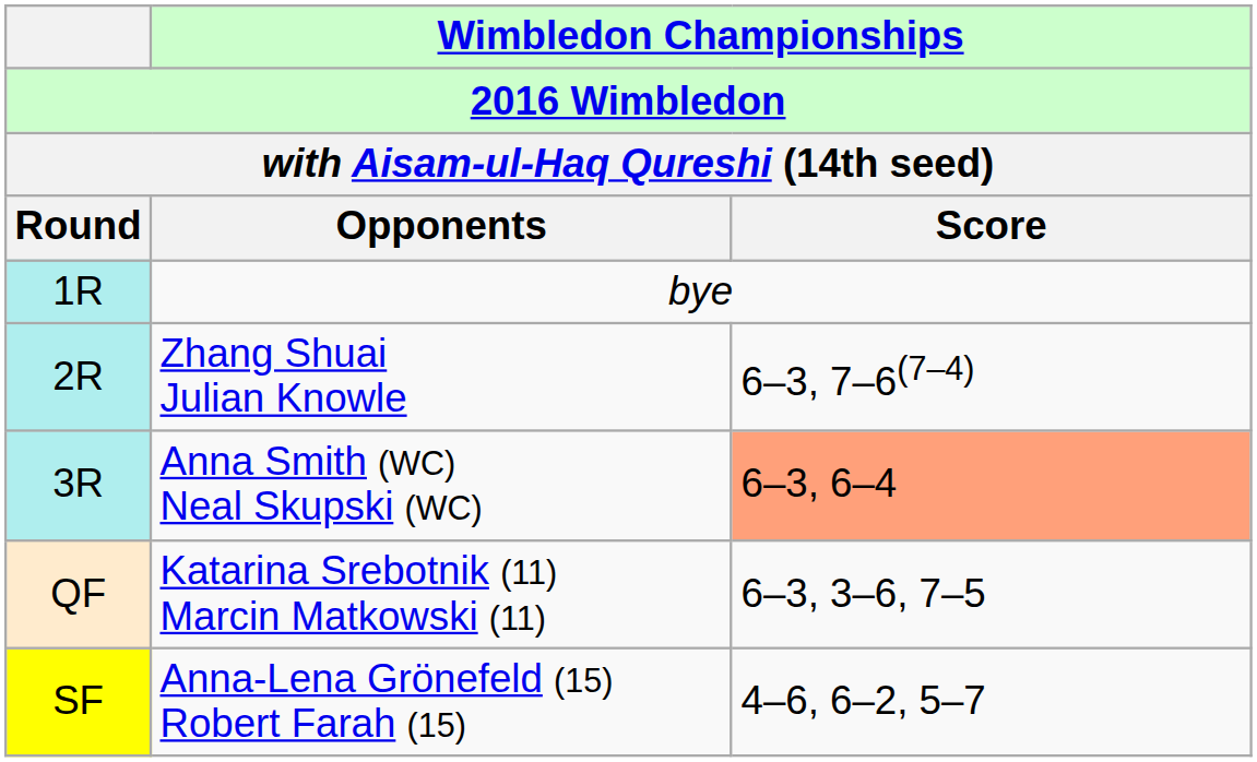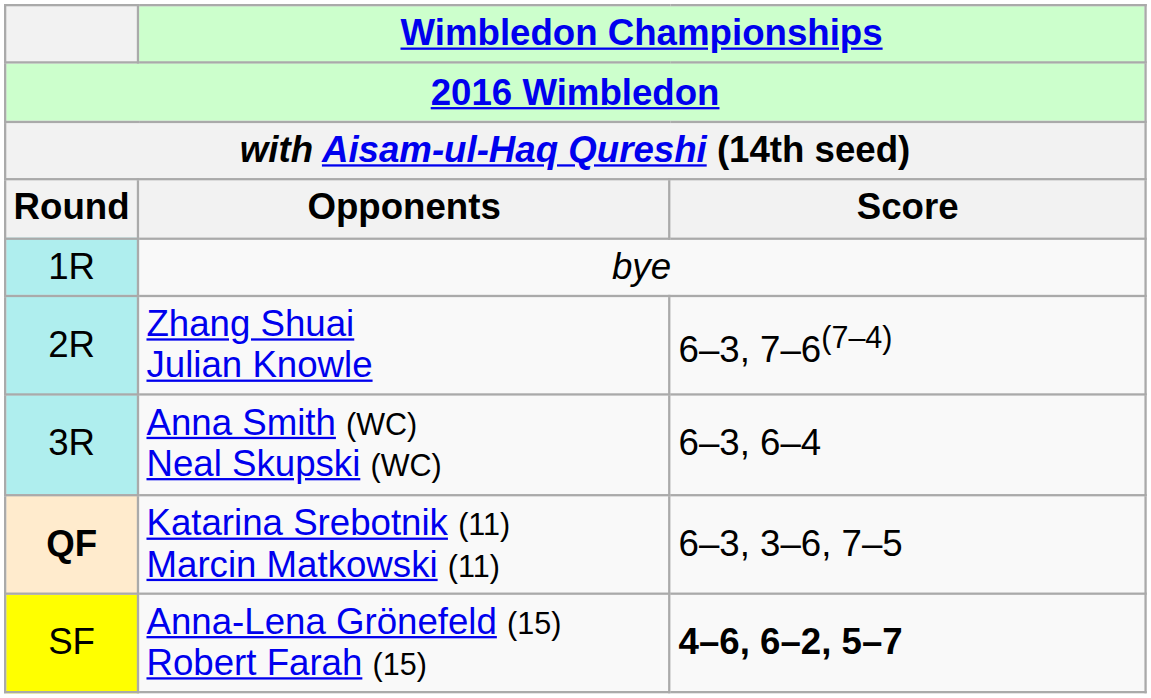 <table class="wikitable collapsible collapsed">
 <tr>
 <th></th>
 <th colspan=4 style="background:#cfc;"><a href='#'>Wimbledon Championships</a></th>
 </tr>
 <tr>
 <th colspan=3 style="background:#cfc;"><a href='#'>2016 Wimbledon</a></th>
 </tr>
 <tr>
 <th colspan=3><em>with  <a href='#'>Aisam-ul-Haq Qureshi</a></em> (14th seed)</th>
 </tr>
 <tr>
 <th>Round</th>
 <th width=225>Opponents</th>
 <th width=200>Score</th>
 </tr>
 <tr>
 <td style="text-align:center; background:#afeeee;">1R</td>
 <td colspan=2; align=center><em>bye</em></td>
 </tr>
 <tr>
 <td style="text-align:center; background:#afeeee;">2R</td>
 <td> <a href='#'>Zhang Shuai</a><br> <a href='#'>Julian Knowle</a></td>
 <td>6–3, 7–6<sup>(7–4)</sup></td>
 </tr>
 <tr>
 <td style="text-align:center; background:#afeeee;">3R</td>
 <td> <a href='#'>Anna Smith</a> <small>(WC)</small><br> <a href='#'>Neal Skupski</a> <small>(WC)</small></td>
-<td style="background: lightsalmon;">6–3, 6–4</td>
+<td>6–3, 6–4</td>
 </tr>
 <tr>
-<td style="text-align:center; background:#ffebcd;">QF</td>
+<td style="text-align:center; background:#ffebcd;"><strong>QF</strong></td>
 <td> <a href='#'>Katarina Srebotnik</a> <small>(11)</small><br> <a href='#'>Marcin Matkowski</a> <small>(11)</small></td>
 <td>6–3, 3–6, 7–5</td>
 </tr>
 <tr>
 <td style="text-align:center; background:yellow;">SF</td>
 <td> <a href='#'>Anna-Lena Grönefeld</a> <small>(15)</small><br> <a href='#'>Robert Farah</a> <small>(15)</small></td>
-<td>4–6, 6–2, 5–7</td>
+<td><strong>4–6, 6–2, 5–7</strong></td>
 </tr>
 </table>
